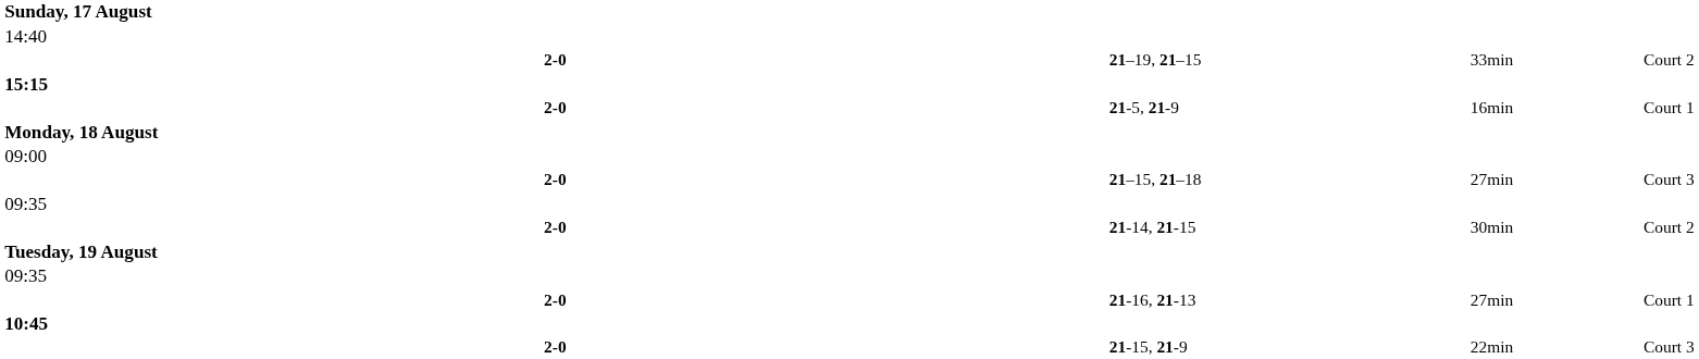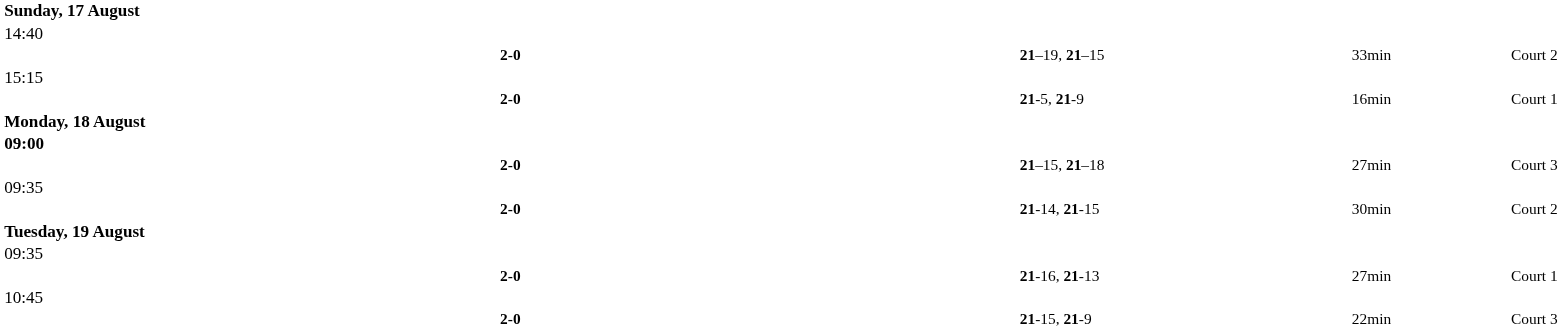 <table style="width:100%;" cellspacing="1">
 <tr>
 <th width=25%></th>
 <th width=10%></th>
 <th width=25%></th>
 </tr>
 <tr>
 <td><strong>Sunday, 17 August</strong></td>
 </tr>
 <tr>
 <td>14:40</td>
 </tr>
 <tr style=font-size:90%>
 <td align=right><strong></strong></td>
 <td align=center><strong> 2-0 </strong></td>
 <td></td>
 <td><strong>21</strong>–19, <strong>21</strong>–15</td>
 <td>33min</td>
 <td>Court 2</td>
 </tr>
 <tr>
-<td><strong>15:15</strong></td>
+<td>15:15</td>
 </tr>
 <tr style=font-size:90%>
 <td align=right><strong></strong></td>
 <td align=center><strong> 2-0 </strong></td>
 <td></td>
 <td><strong>21</strong>-5, <strong>21</strong>-9</td>
 <td>16min</td>
 <td>Court 1</td>
 </tr>
 <tr>
 <td><strong>Monday, 18 August</strong></td>
 </tr>
 <tr>
-<td>09:00</td>
+<td><strong>09:00</strong></td>
 </tr>
 <tr style=font-size:90%>
 <td align=right><strong></strong></td>
 <td align=center><strong> 2-0 </strong></td>
 <td></td>
 <td><strong>21</strong>–15, <strong>21</strong>–18</td>
 <td>27min</td>
 <td>Court 3</td>
 </tr>
 <tr>
 <td>09:35</td>
 </tr>
 <tr style=font-size:90%>
 <td align=right><strong></strong></td>
 <td align=center><strong> 2-0 </strong></td>
 <td></td>
 <td><strong>21</strong>-14, <strong>21</strong>-15</td>
 <td>30min</td>
 <td>Court 2</td>
 </tr>
 <tr>
 <td><strong>Tuesday, 19 August</strong></td>
 </tr>
 <tr>
 <td>09:35</td>
 </tr>
 <tr style=font-size:90%>
 <td align=right><strong></strong></td>
 <td align=center><strong> 2-0 </strong></td>
 <td></td>
 <td><strong>21</strong>-16, <strong>21</strong>-13</td>
 <td>27min</td>
 <td>Court 1</td>
 </tr>
 <tr>
-<td><strong>10:45</strong></td>
+<td>10:45</td>
 </tr>
 <tr style=font-size:90%>
 <td align=right><strong></strong></td>
 <td align=center><strong> 2-0 </strong></td>
 <td></td>
 <td><strong>21</strong>-15, <strong>21</strong>-9</td>
 <td>22min</td>
 <td>Court 3</td>
 </tr>
 </table>
